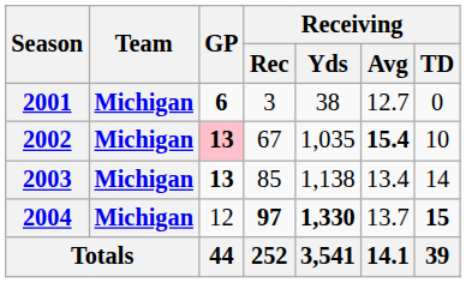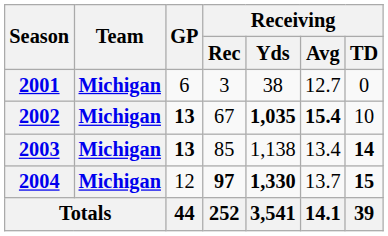 <table class="wikitable" style="text-align:center;">
 <tr>
 <th rowspan="2">Season</th>
 <th rowspan="2">Team</th>
 <th rowspan="2">GP</th>
 <th colspan="4">Receiving</th>
 </tr>
 <tr>
 <th>Rec</th>
 <th>Yds</th>
 <th>Avg</th>
 <th>TD</th>
 </tr>
 <tr>
 <th><a href='#'>2001</a></th>
 <th><a href='#'>Michigan</a></th>
-<td><strong>6</strong></td>
+<td>6</td>
 <td>3</td>
 <td>38</td>
 <td>12.7</td>
 <td>0</td>
 </tr>
 <tr>
 <th><a href='#'>2002</a></th>
 <th><a href='#'>Michigan</a></th>
-<td style="background: pink;"><strong>13</strong></td>
+<td><strong>13</strong></td>
 <td>67</td>
-<td>1,035</td>
+<td><strong>1,035</strong></td>
 <td><strong>15.4</strong></td>
 <td>10</td>
 </tr>
 <tr>
 <th><a href='#'>2003</a></th>
 <th><a href='#'>Michigan</a></th>
 <td><strong>13</strong></td>
 <td>85</td>
 <td>1,138</td>
 <td>13.4</td>
-<td>14</td>
+<td><strong>14</strong></td>
 </tr>
 <tr>
 <th><a href='#'>2004</a></th>
 <th><a href='#'>Michigan</a></th>
 <td>12</td>
 <td><strong>97</strong></td>
 <td><strong>1,330</strong></td>
 <td>13.7</td>
 <td><strong>15</strong></td>
 </tr>
 <tr>
 <th colspan="2">Totals</th>
 <th>44</th>
 <th>252</th>
 <th>3,541</th>
 <th>14.1</th>
 <th>39</th>
 </tr>
 </table>
